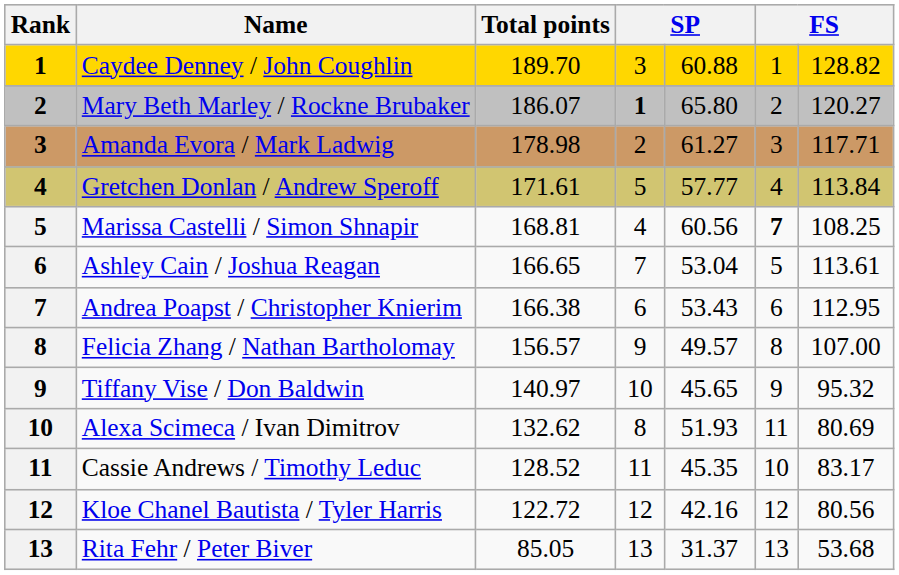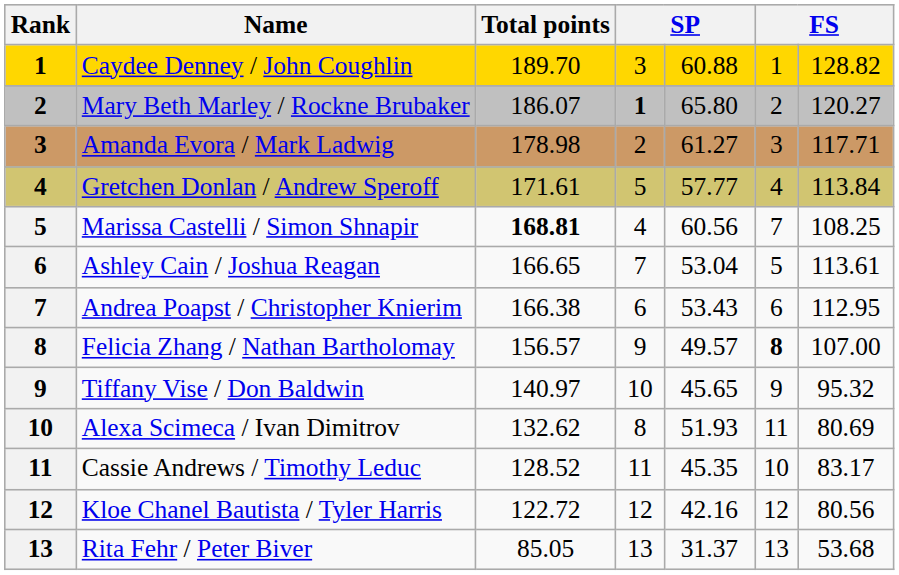 <table class="wikitable sortable">
 <tr>
 <th>Rank</th>
 <th>Name</th>
 <th>Total points</th>
 <th colspan="2" width="80px"><a href='#'>SP</a></th>
 <th colspan="2" width="80px"><a href='#'>FS</a></th>
 </tr>
 <tr bgcolor="gold">
 <td align="center"><strong>1</strong></td>
 <td><a href='#'>Caydee Denney</a> / <a href='#'>John Coughlin</a></td>
 <td align="center">189.70</td>
 <td align="center">3</td>
 <td align="center">60.88</td>
 <td align="center">1</td>
 <td align="center">128.82</td>
 </tr>
 <tr bgcolor="silver">
 <td align="center"><strong>2</strong></td>
 <td><a href='#'>Mary Beth Marley</a> / <a href='#'>Rockne Brubaker</a></td>
 <td align="center">186.07</td>
 <td align="center"><strong>1</strong></td>
 <td align="center">65.80</td>
 <td align="center">2</td>
 <td align="center">120.27</td>
 </tr>
 <tr bgcolor="cc9966">
 <td align="center"><strong>3</strong></td>
 <td><a href='#'>Amanda Evora</a> / <a href='#'>Mark Ladwig</a></td>
 <td align="center">178.98</td>
 <td align="center">2</td>
 <td align="center">61.27</td>
 <td align="center">3</td>
 <td align="center">117.71</td>
 </tr>
 <tr bgcolor="#d1c571">
 <td align="center"><strong>4</strong></td>
 <td><a href='#'>Gretchen Donlan</a> / <a href='#'>Andrew Speroff</a></td>
 <td align="center">171.61</td>
 <td align="center">5</td>
 <td align="center">57.77</td>
 <td align="center">4</td>
 <td align="center">113.84</td>
 </tr>
 <tr>
 <th>5</th>
 <td><a href='#'>Marissa Castelli</a> / <a href='#'>Simon Shnapir</a></td>
-<td align="center">168.81</td>
+<td align="center"><strong>168.81</strong></td>
 <td align="center">4</td>
 <td align="center">60.56</td>
-<td align="center"><strong>7</strong></td>
+<td align="center">7</td>
 <td align="center">108.25</td>
 </tr>
 <tr>
 <th>6</th>
 <td><a href='#'>Ashley Cain</a> / <a href='#'>Joshua Reagan</a></td>
 <td align="center">166.65</td>
 <td align="center">7</td>
 <td align="center">53.04</td>
 <td align="center">5</td>
 <td align="center">113.61</td>
 </tr>
 <tr>
 <th>7</th>
 <td><a href='#'>Andrea Poapst</a> / <a href='#'>Christopher Knierim</a></td>
 <td align="center">166.38</td>
 <td align="center">6</td>
 <td align="center">53.43</td>
 <td align="center">6</td>
 <td align="center">112.95</td>
 </tr>
 <tr>
 <th>8</th>
 <td><a href='#'>Felicia Zhang</a> / <a href='#'>Nathan Bartholomay</a></td>
 <td align="center">156.57</td>
 <td align="center">9</td>
 <td align="center">49.57</td>
-<td align="center">8</td>
+<td align="center"><strong>8</strong></td>
 <td align="center">107.00</td>
 </tr>
 <tr>
 <th>9</th>
 <td><a href='#'>Tiffany Vise</a> / <a href='#'>Don Baldwin</a></td>
 <td align="center">140.97</td>
 <td align="center">10</td>
 <td align="center">45.65</td>
 <td align="center">9</td>
 <td align="center">95.32</td>
 </tr>
 <tr>
 <th>10</th>
 <td><a href='#'>Alexa Scimeca</a> / Ivan Dimitrov</td>
 <td align="center">132.62</td>
 <td align="center">8</td>
 <td align="center">51.93</td>
 <td align="center">11</td>
 <td align="center">80.69</td>
 </tr>
 <tr>
 <th>11</th>
 <td>Cassie Andrews / <a href='#'>Timothy Leduc</a></td>
 <td align="center">128.52</td>
 <td align="center">11</td>
 <td align="center">45.35</td>
 <td align="center">10</td>
 <td align="center">83.17</td>
 </tr>
 <tr>
 <th>12</th>
 <td><a href='#'>Kloe Chanel Bautista</a> / <a href='#'>Tyler Harris</a></td>
 <td align="center">122.72</td>
 <td align="center">12</td>
 <td align="center">42.16</td>
 <td align="center">12</td>
 <td align="center">80.56</td>
 </tr>
 <tr>
 <th>13</th>
 <td><a href='#'>Rita Fehr</a> / <a href='#'>Peter Biver</a></td>
 <td align="center">85.05</td>
 <td align="center">13</td>
 <td align="center">31.37</td>
 <td align="center">13</td>
 <td align="center">53.68</td>
 </tr>
 </table>
